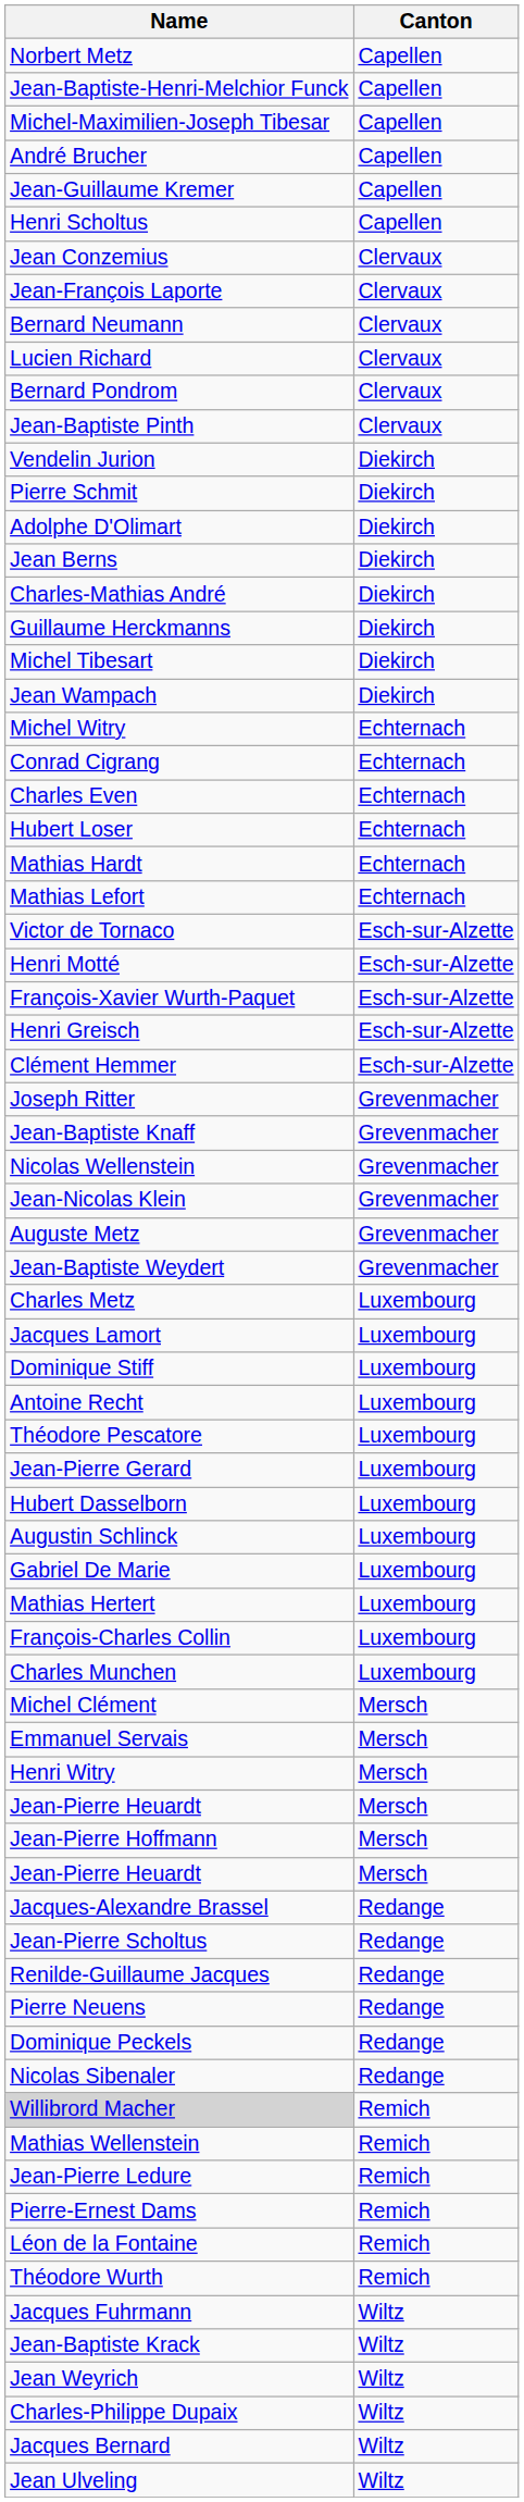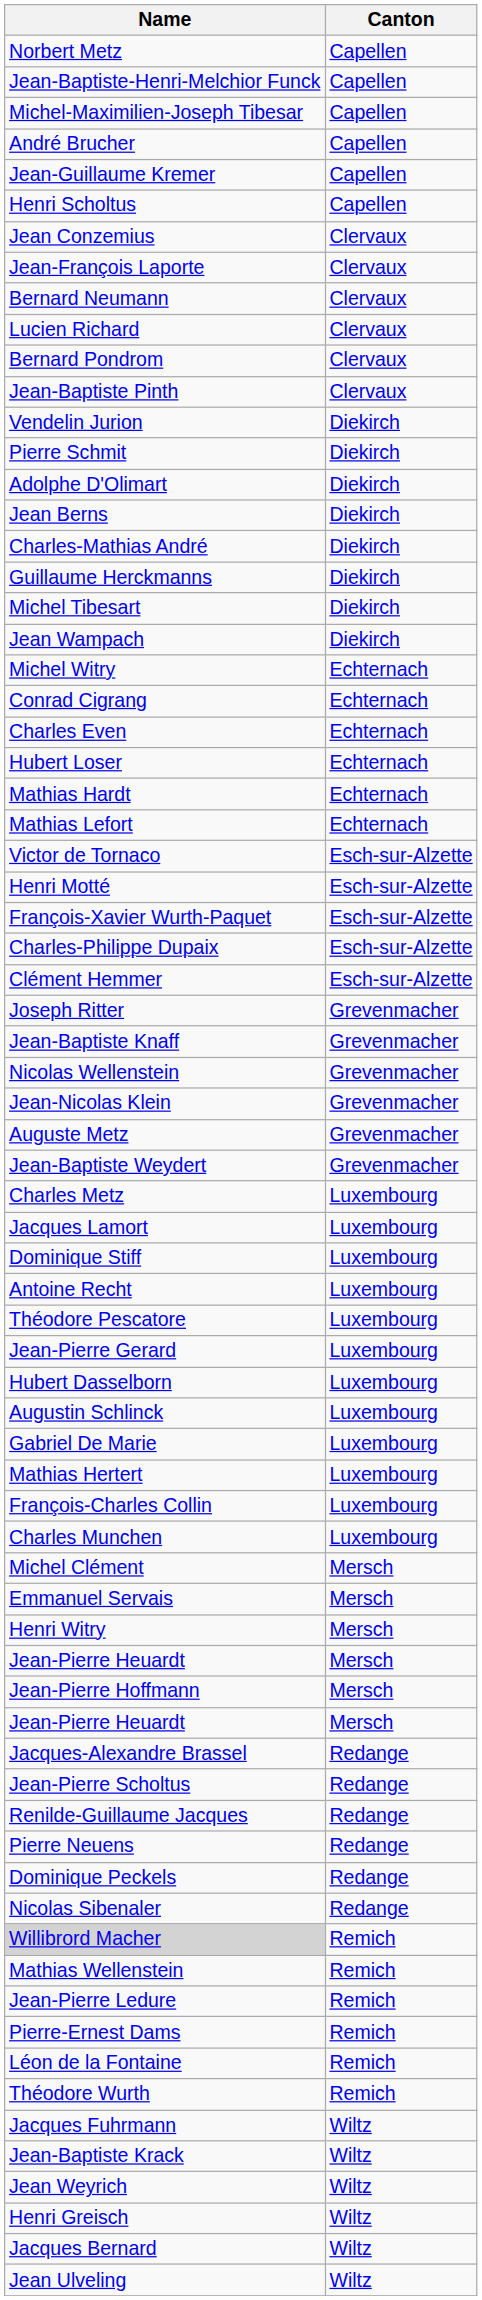 <table class="wikitable sortable">
 <tr>
 <th>Name</th>
 <th>Canton</th>
 </tr>
 <tr>
 <td><a href='#'>Norbert Metz</a></td>
 <td><a href='#'>Capellen</a></td>
 </tr>
 <tr>
 <td><a href='#'>Jean-Baptiste-Henri-Melchior Funck</a></td>
 <td><a href='#'>Capellen</a></td>
 </tr>
 <tr>
 <td><a href='#'>Michel-Maximilien-Joseph Tibesar</a></td>
 <td><a href='#'>Capellen</a></td>
 </tr>
 <tr>
 <td><a href='#'>André Brucher</a></td>
 <td><a href='#'>Capellen</a></td>
 </tr>
 <tr>
 <td><a href='#'>Jean-Guillaume Kremer</a></td>
 <td><a href='#'>Capellen</a></td>
 </tr>
 <tr>
 <td><a href='#'>Henri Scholtus</a></td>
 <td><a href='#'>Capellen</a></td>
 </tr>
 <tr>
 <td><a href='#'>Jean Conzemius</a></td>
 <td><a href='#'>Clervaux</a></td>
 </tr>
 <tr>
 <td><a href='#'>Jean-François Laporte</a></td>
 <td><a href='#'>Clervaux</a></td>
 </tr>
 <tr>
 <td><a href='#'>Bernard Neumann</a></td>
 <td><a href='#'>Clervaux</a></td>
 </tr>
 <tr>
 <td><a href='#'>Lucien Richard</a></td>
 <td><a href='#'>Clervaux</a></td>
 </tr>
 <tr>
 <td><a href='#'>Bernard Pondrom</a></td>
 <td><a href='#'>Clervaux</a></td>
 </tr>
 <tr>
 <td><a href='#'>Jean-Baptiste Pinth</a></td>
 <td><a href='#'>Clervaux</a></td>
 </tr>
 <tr>
 <td><a href='#'>Vendelin Jurion</a></td>
 <td><a href='#'>Diekirch</a></td>
 </tr>
 <tr>
 <td><a href='#'>Pierre Schmit</a></td>
 <td><a href='#'>Diekirch</a></td>
 </tr>
 <tr>
 <td><a href='#'>Adolphe D'Olimart</a></td>
 <td><a href='#'>Diekirch</a></td>
 </tr>
 <tr>
 <td><a href='#'>Jean Berns</a></td>
 <td><a href='#'>Diekirch</a></td>
 </tr>
 <tr>
 <td><a href='#'>Charles-Mathias André</a></td>
 <td><a href='#'>Diekirch</a></td>
 </tr>
 <tr>
 <td><a href='#'>Guillaume Herckmanns</a></td>
 <td><a href='#'>Diekirch</a></td>
 </tr>
 <tr>
 <td><a href='#'>Michel Tibesart</a></td>
 <td><a href='#'>Diekirch</a></td>
 </tr>
 <tr>
 <td><a href='#'>Jean Wampach</a></td>
 <td><a href='#'>Diekirch</a></td>
 </tr>
 <tr>
 <td><a href='#'>Michel Witry</a></td>
 <td><a href='#'>Echternach</a></td>
 </tr>
 <tr>
 <td><a href='#'>Conrad Cigrang</a></td>
 <td><a href='#'>Echternach</a></td>
 </tr>
 <tr>
 <td><a href='#'>Charles Even</a></td>
 <td><a href='#'>Echternach</a></td>
 </tr>
 <tr>
 <td><a href='#'>Hubert Loser</a></td>
 <td><a href='#'>Echternach</a></td>
 </tr>
 <tr>
 <td><a href='#'>Mathias Hardt</a></td>
 <td><a href='#'>Echternach</a></td>
 </tr>
 <tr>
 <td><a href='#'>Mathias Lefort</a></td>
 <td><a href='#'>Echternach</a></td>
 </tr>
 <tr>
 <td><a href='#'>Victor de Tornaco</a></td>
 <td><a href='#'>Esch-sur-Alzette</a></td>
 </tr>
 <tr>
 <td><a href='#'>Henri Motté</a></td>
 <td><a href='#'>Esch-sur-Alzette</a></td>
 </tr>
 <tr>
 <td><a href='#'>François-Xavier Wurth-Paquet</a></td>
 <td><a href='#'>Esch-sur-Alzette</a></td>
 </tr>
 <tr>
-<td><a href='#'>Henri Greisch</a></td>
+<td><a href='#'>Charles-Philippe Dupaix</a></td>
 <td><a href='#'>Esch-sur-Alzette</a></td>
 </tr>
 <tr>
 <td><a href='#'>Clément Hemmer</a></td>
 <td><a href='#'>Esch-sur-Alzette</a></td>
 </tr>
 <tr>
 <td><a href='#'>Joseph Ritter</a></td>
 <td><a href='#'>Grevenmacher</a></td>
 </tr>
 <tr>
 <td><a href='#'>Jean-Baptiste Knaff</a></td>
 <td><a href='#'>Grevenmacher</a></td>
 </tr>
 <tr>
 <td><a href='#'>Nicolas Wellenstein</a></td>
 <td><a href='#'>Grevenmacher</a></td>
 </tr>
 <tr>
 <td><a href='#'>Jean-Nicolas Klein</a></td>
 <td><a href='#'>Grevenmacher</a></td>
 </tr>
 <tr>
 <td><a href='#'>Auguste Metz</a></td>
 <td><a href='#'>Grevenmacher</a></td>
 </tr>
 <tr>
 <td><a href='#'>Jean-Baptiste Weydert</a></td>
 <td><a href='#'>Grevenmacher</a></td>
 </tr>
 <tr>
 <td><a href='#'>Charles Metz</a></td>
 <td><a href='#'>Luxembourg</a></td>
 </tr>
 <tr>
 <td><a href='#'>Jacques Lamort</a></td>
 <td><a href='#'>Luxembourg</a></td>
 </tr>
 <tr>
 <td><a href='#'>Dominique Stiff</a></td>
 <td><a href='#'>Luxembourg</a></td>
 </tr>
 <tr>
 <td><a href='#'>Antoine Recht</a></td>
 <td><a href='#'>Luxembourg</a></td>
 </tr>
 <tr>
 <td><a href='#'>Théodore Pescatore</a></td>
 <td><a href='#'>Luxembourg</a></td>
 </tr>
 <tr>
 <td><a href='#'>Jean-Pierre Gerard</a></td>
 <td><a href='#'>Luxembourg</a></td>
 </tr>
 <tr>
 <td><a href='#'>Hubert Dasselborn</a></td>
 <td><a href='#'>Luxembourg</a></td>
 </tr>
 <tr>
 <td><a href='#'>Augustin Schlinck</a></td>
 <td><a href='#'>Luxembourg</a></td>
 </tr>
 <tr>
 <td><a href='#'>Gabriel De Marie</a></td>
 <td><a href='#'>Luxembourg</a></td>
 </tr>
 <tr>
 <td><a href='#'>Mathias Hertert</a></td>
 <td><a href='#'>Luxembourg</a></td>
 </tr>
 <tr>
 <td><a href='#'>François-Charles Collin</a></td>
 <td><a href='#'>Luxembourg</a></td>
 </tr>
 <tr>
 <td><a href='#'>Charles Munchen</a></td>
 <td><a href='#'>Luxembourg</a></td>
 </tr>
 <tr>
 <td><a href='#'>Michel Clément</a></td>
 <td><a href='#'>Mersch</a></td>
 </tr>
 <tr>
 <td><a href='#'>Emmanuel Servais</a></td>
 <td><a href='#'>Mersch</a></td>
 </tr>
 <tr>
 <td><a href='#'>Henri Witry</a></td>
 <td><a href='#'>Mersch</a></td>
 </tr>
 <tr>
 <td><a href='#'>Jean-Pierre Heuardt</a></td>
 <td><a href='#'>Mersch</a></td>
 </tr>
 <tr>
 <td><a href='#'>Jean-Pierre Hoffmann</a></td>
 <td><a href='#'>Mersch</a></td>
 </tr>
 <tr>
 <td><a href='#'>Jean-Pierre Heuardt</a> </td>
 <td><a href='#'>Mersch</a></td>
 </tr>
 <tr>
 <td><a href='#'>Jacques-Alexandre Brassel</a></td>
 <td><a href='#'>Redange</a></td>
 </tr>
 <tr>
 <td><a href='#'>Jean-Pierre Scholtus</a></td>
 <td><a href='#'>Redange</a></td>
 </tr>
 <tr>
 <td><a href='#'>Renilde-Guillaume Jacques</a></td>
 <td><a href='#'>Redange</a></td>
 </tr>
 <tr>
 <td><a href='#'>Pierre Neuens</a></td>
 <td><a href='#'>Redange</a></td>
 </tr>
 <tr>
 <td><a href='#'>Dominique Peckels</a></td>
 <td><a href='#'>Redange</a></td>
 </tr>
 <tr>
 <td><a href='#'>Nicolas Sibenaler</a></td>
 <td><a href='#'>Redange</a></td>
 </tr>
 <tr>
 <td style="background: lightgrey;"><a href='#'>Willibrord Macher</a></td>
 <td><a href='#'>Remich</a></td>
 </tr>
 <tr>
 <td><a href='#'>Mathias Wellenstein</a></td>
 <td><a href='#'>Remich</a></td>
 </tr>
 <tr>
 <td><a href='#'>Jean-Pierre Ledure</a></td>
 <td><a href='#'>Remich</a></td>
 </tr>
 <tr>
 <td><a href='#'>Pierre-Ernest Dams</a></td>
 <td><a href='#'>Remich</a></td>
 </tr>
 <tr>
 <td><a href='#'>Léon de la Fontaine</a></td>
 <td><a href='#'>Remich</a></td>
 </tr>
 <tr>
 <td><a href='#'>Théodore Wurth</a></td>
 <td><a href='#'>Remich</a></td>
 </tr>
 <tr>
 <td><a href='#'>Jacques Fuhrmann</a></td>
 <td><a href='#'>Wiltz</a></td>
 </tr>
 <tr>
 <td><a href='#'>Jean-Baptiste Krack</a></td>
 <td><a href='#'>Wiltz</a></td>
 </tr>
 <tr>
 <td><a href='#'>Jean Weyrich</a></td>
 <td><a href='#'>Wiltz</a></td>
 </tr>
 <tr>
-<td><a href='#'>Charles-Philippe Dupaix</a></td>
+<td><a href='#'>Henri Greisch</a></td>
 <td><a href='#'>Wiltz</a></td>
 </tr>
 <tr>
 <td><a href='#'>Jacques Bernard</a></td>
 <td><a href='#'>Wiltz</a></td>
 </tr>
 <tr>
 <td><a href='#'>Jean Ulveling</a></td>
 <td><a href='#'>Wiltz</a></td>
 </tr>
 </table>
